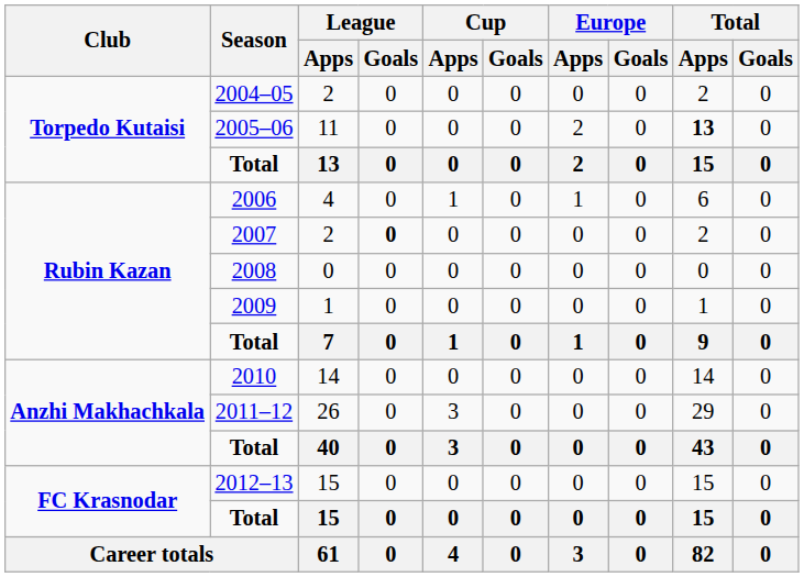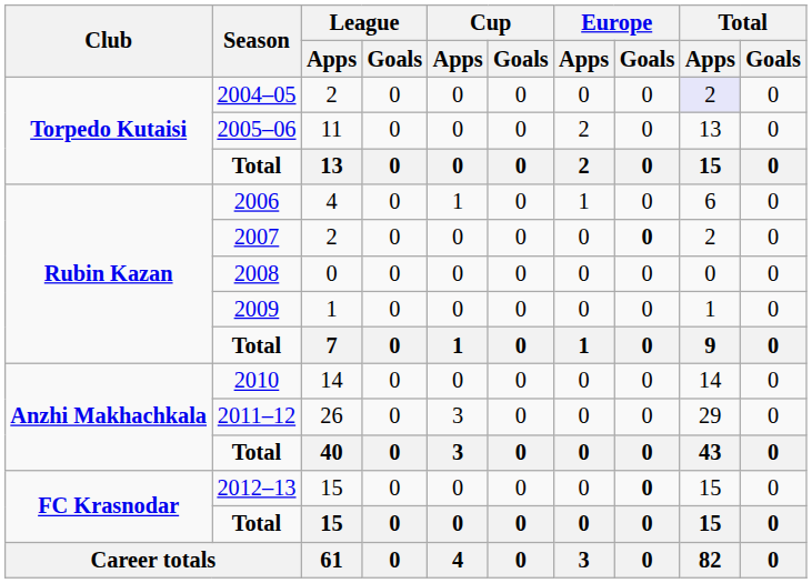 <table class="wikitable" style="text-align: center;">
 <tr>
 <th rowspan="2">Club</th>
 <th rowspan="2">Season</th>
 <th colspan="2">League</th>
 <th colspan="2">Cup</th>
 <th colspan="2"><a href='#'>Europe</a></th>
 <th colspan="2">Total</th>
 </tr>
 <tr>
 <th>Apps</th>
 <th>Goals</th>
 <th>Apps</th>
 <th>Goals</th>
 <th>Apps</th>
 <th>Goals</th>
 <th>Apps</th>
 <th>Goals</th>
 </tr>
 <tr>
 <td rowspan="3" style="text-align:center;"><strong><a href='#'>Torpedo Kutaisi</a></strong></td>
 <td !colspan="2"><a href='#'>2004–05</a></td>
 <td>2</td>
 <td>0</td>
 <td>0</td>
 <td>0</td>
 <td>0</td>
 <td>0</td>
-<td>2</td>
+<td style="background: lavender;">2</td>
 <td>0</td>
 </tr>
 <tr>
 <td !colspan="2"><a href='#'>2005–06</a></td>
 <td>11</td>
 <td>0</td>
 <td>0</td>
 <td>0</td>
 <td>2</td>
 <td>0</td>
-<td><strong>13</strong></td>
+<td>13</td>
 <td>0</td>
 </tr>
 <tr>
 <td !colspan="2"><strong>Total</strong></td>
 <th>13</th>
 <th>0</th>
 <th>0</th>
 <th>0</th>
 <th>2</th>
 <th>0</th>
 <th>15</th>
 <th>0</th>
 </tr>
 <tr>
 <td rowspan="5" style="text-align:center;"><strong><a href='#'>Rubin Kazan</a></strong></td>
 <td !colspan="2"><a href='#'>2006</a></td>
 <td>4</td>
 <td>0</td>
 <td>1</td>
 <td>0</td>
 <td>1</td>
 <td>0</td>
 <td>6</td>
 <td>0</td>
 </tr>
 <tr>
 <td !colspan="2"><a href='#'>2007</a></td>
 <td>2</td>
-<td><strong>0</strong></td>
 <td>0</td>
 <td>0</td>
 <td>0</td>
 <td>0</td>
+<td><strong>0</strong></td>
 <td>2</td>
 <td>0</td>
 </tr>
 <tr>
 <td !colspan="2"><a href='#'>2008</a></td>
 <td>0</td>
 <td>0</td>
 <td>0</td>
 <td>0</td>
 <td>0</td>
 <td>0</td>
 <td>0</td>
 <td>0</td>
 </tr>
 <tr>
 <td !colspan="2"><a href='#'>2009</a></td>
 <td>1</td>
 <td>0</td>
 <td>0</td>
 <td>0</td>
 <td>0</td>
 <td>0</td>
 <td>1</td>
 <td>0</td>
 </tr>
 <tr>
 <td !colspan="2"><strong>Total</strong></td>
 <th>7</th>
 <th>0</th>
 <th>1</th>
 <th>0</th>
 <th>1</th>
 <th>0</th>
 <th>9</th>
 <th>0</th>
 </tr>
 <tr>
 <td rowspan="3" style="text-align:center;"><strong><a href='#'>Anzhi Makhachkala</a></strong></td>
 <td !colspan="2"><a href='#'>2010</a></td>
 <td>14</td>
 <td>0</td>
 <td>0</td>
 <td>0</td>
 <td>0</td>
 <td>0</td>
 <td>14</td>
 <td>0</td>
 </tr>
 <tr>
 <td !colspan="2"><a href='#'>2011–12</a></td>
 <td>26</td>
 <td>0</td>
 <td>3</td>
 <td>0</td>
 <td>0</td>
 <td>0</td>
 <td>29</td>
 <td>0</td>
 </tr>
 <tr>
 <td !colspan="2"><strong>Total</strong></td>
 <th>40</th>
 <th>0</th>
 <th>3</th>
 <th>0</th>
 <th>0</th>
 <th>0</th>
 <th>43</th>
 <th>0</th>
 </tr>
 <tr>
 <td rowspan="2" style="text-align:center;"><strong><a href='#'>FC Krasnodar</a></strong></td>
 <td !colspan="2"><a href='#'>2012–13</a></td>
 <td>15</td>
 <td>0</td>
 <td>0</td>
 <td>0</td>
 <td>0</td>
-<td>0</td>
+<td><strong>0</strong></td>
 <td>15</td>
 <td>0</td>
 </tr>
 <tr>
 <td !colspan="2"><strong>Total</strong></td>
 <th>15</th>
 <th>0</th>
 <th>0</th>
 <th>0</th>
 <th>0</th>
 <th>0</th>
 <th>15</th>
 <th>0</th>
 </tr>
 <tr>
 <th colspan="2">Career totals</th>
 <th>61</th>
 <th>0</th>
 <th>4</th>
 <th>0</th>
 <th>3</th>
 <th>0</th>
 <th>82</th>
 <th>0</th>
 </tr>
 </table>
